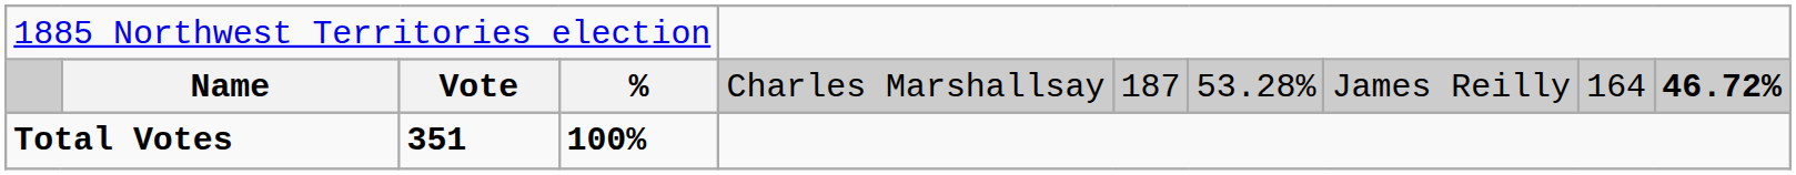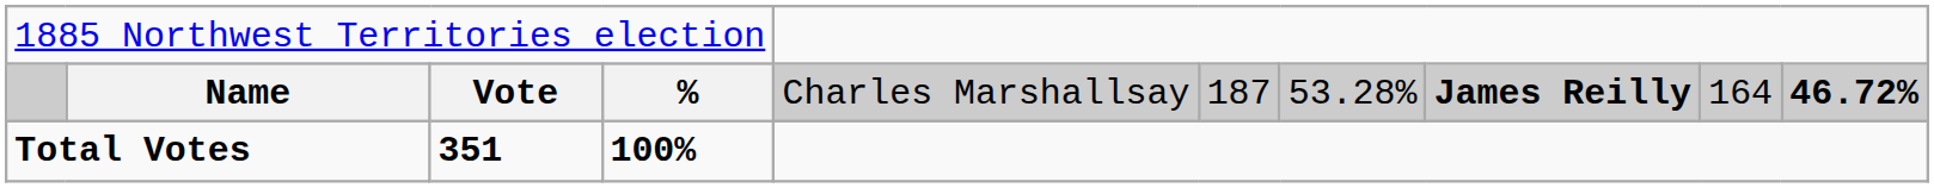 <table class="wikitable">
 <tr>
 <td colspan="4" style="text-align:center;"><a href='#'>1885 Northwest Territories election</a></td>
 </tr>
 <tr style="background:#ccc;">
 <td></td>
 <th><strong>Name </strong></th>
 <th><strong>Vote</strong></th>
 <th><strong>%</strong><br></th>
 <td>Charles Marshallsay</td>
 <td>187</td>
 <td>53.28%<br></td>
-<td>James Reilly</td>
+<td><strong>James Reilly</strong></td>
 <td>164</td>
 <td><strong>46.72%</strong></td>
 </tr>
 <tr>
 <td colspan=2><strong>Total Votes</strong></td>
 <td><strong>351</strong></td>
 <td alignment="left"><strong>100%</strong></td>
 </tr>
 </table>
